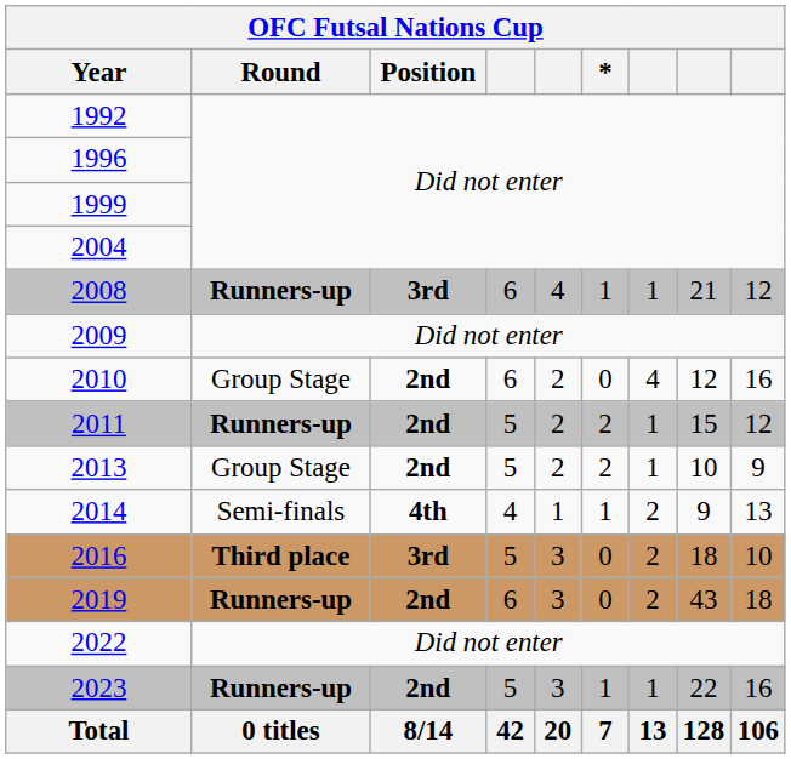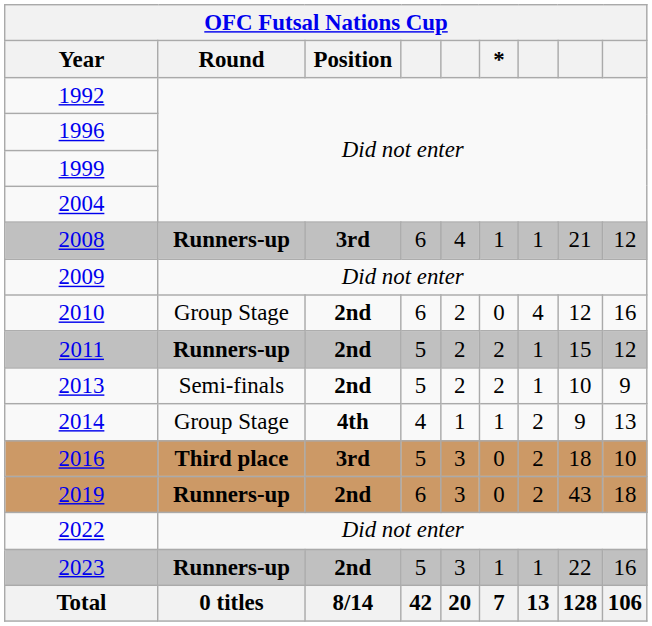 <table class="wikitable" style="text-align: center;">
 <tr>
 <th colspan=9><a href='#'>OFC Futsal Nations Cup</a></th>
 </tr>
 <tr>
 <th width=100>Year</th>
 <th width=95>Round</th>
 <th width=60>Position</th>
 <th width=20></th>
 <th width=20></th>
 <th width=20>*</th>
 <th width=20></th>
 <th width=20></th>
 <th width=20></th>
 </tr>
 <tr>
 <td> <a href='#'>1992</a></td>
 <td rowspan=4; colspan=8><em>Did not enter</em></td>
 </tr>
 <tr>
 <td> <a href='#'>1996</a></td>
 </tr>
 <tr>
 <td> <a href='#'>1999</a></td>
 </tr>
 <tr>
 <td> <a href='#'>2004</a></td>
 </tr>
 <tr bgcolor=silver>
 <td> <a href='#'>2008</a></td>
 <td><strong>Runners-up</strong></td>
 <td><strong>3rd</strong></td>
 <td>6</td>
 <td>4</td>
 <td>1</td>
 <td>1</td>
 <td>21</td>
 <td>12</td>
 </tr>
 <tr>
 <td> <a href='#'>2009</a></td>
 <td rowspan=1; colspan=8><em>Did not enter</em></td>
 </tr>
 <tr>
 <td> <a href='#'>2010</a></td>
 <td>Group Stage</td>
 <td><strong>2nd</strong></td>
 <td>6</td>
 <td>2</td>
 <td>0</td>
 <td>4</td>
 <td>12</td>
 <td>16</td>
 </tr>
 <tr bgcolor=silver>
 <td> <a href='#'>2011</a></td>
 <td><strong>Runners-up</strong></td>
 <td><strong>2nd</strong></td>
 <td>5</td>
 <td>2</td>
 <td>2</td>
 <td>1</td>
 <td>15</td>
 <td>12</td>
 </tr>
 <tr>
 <td> <a href='#'>2013</a></td>
-<td>Group Stage</td>
+<td>Semi-finals</td>
 <td><strong>2nd</strong></td>
 <td>5</td>
 <td>2</td>
 <td>2</td>
 <td>1</td>
 <td>10</td>
 <td>9</td>
 </tr>
 <tr>
 <td> <a href='#'>2014</a></td>
-<td>Semi-finals</td>
+<td>Group Stage</td>
 <td><strong>4th</strong></td>
 <td>4</td>
 <td>1</td>
 <td>1</td>
 <td>2</td>
 <td>9</td>
 <td>13</td>
 </tr>
 <tr bgcolor="#cc9966">
 <td> <a href='#'>2016</a></td>
 <td><strong>Third place</strong></td>
 <td><strong>3rd</strong></td>
 <td>5</td>
 <td>3</td>
 <td>0</td>
 <td>2</td>
 <td>18</td>
 <td>10</td>
 </tr>
 <tr bgcolor="#cc9966">
 <td> <a href='#'>2019</a></td>
 <td><strong>Runners-up</strong></td>
 <td><strong>2nd</strong></td>
 <td>6</td>
 <td>3</td>
 <td>0</td>
 <td>2</td>
 <td>43</td>
 <td>18</td>
 </tr>
 <tr>
 <td> <a href='#'>2022</a></td>
 <td rowspan=1; colspan=8><em>Did not enter</em></td>
 </tr>
 <tr bgcolor=silver>
 <td> <a href='#'>2023</a></td>
 <td><strong>Runners-up</strong></td>
 <td><strong>2nd</strong></td>
 <td>5</td>
 <td>3</td>
 <td>1</td>
 <td>1</td>
 <td>22</td>
 <td>16</td>
 </tr>
 <tr>
 <th>Total</th>
 <th>0 titles</th>
 <th>8/14</th>
 <th>42</th>
 <th>20</th>
 <th>7</th>
 <th>13</th>
 <th>128</th>
 <th>106</th>
 </tr>
 </table>
